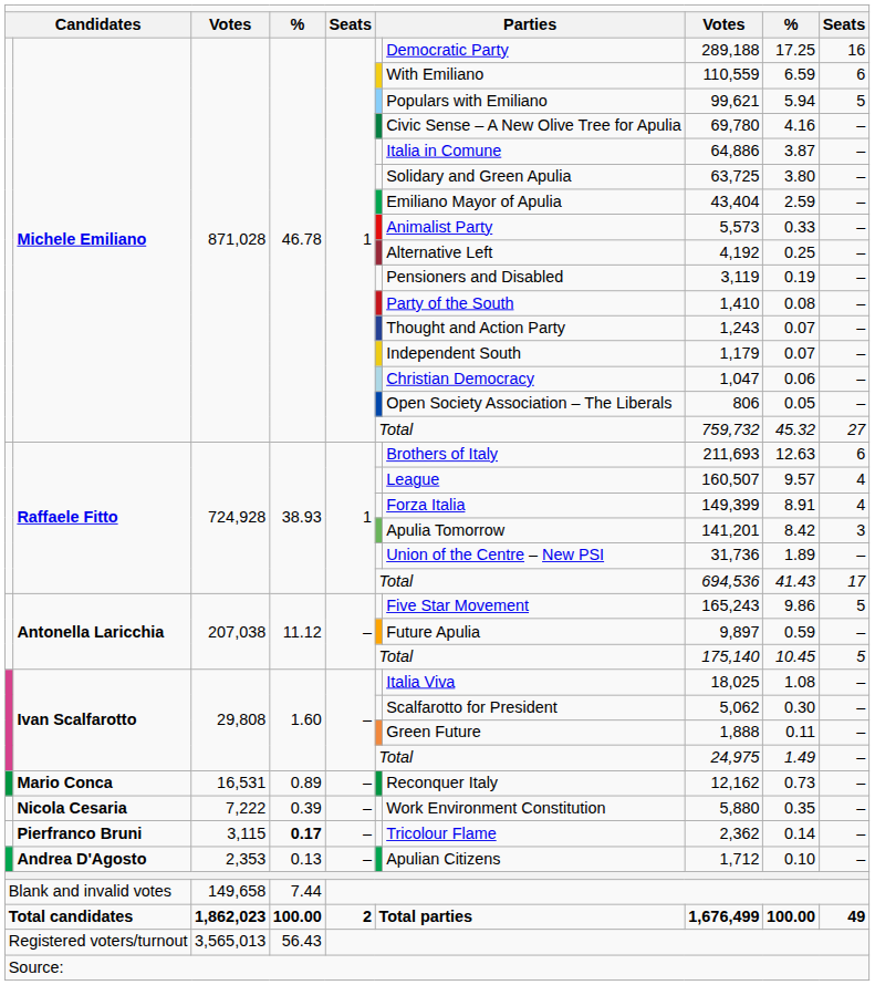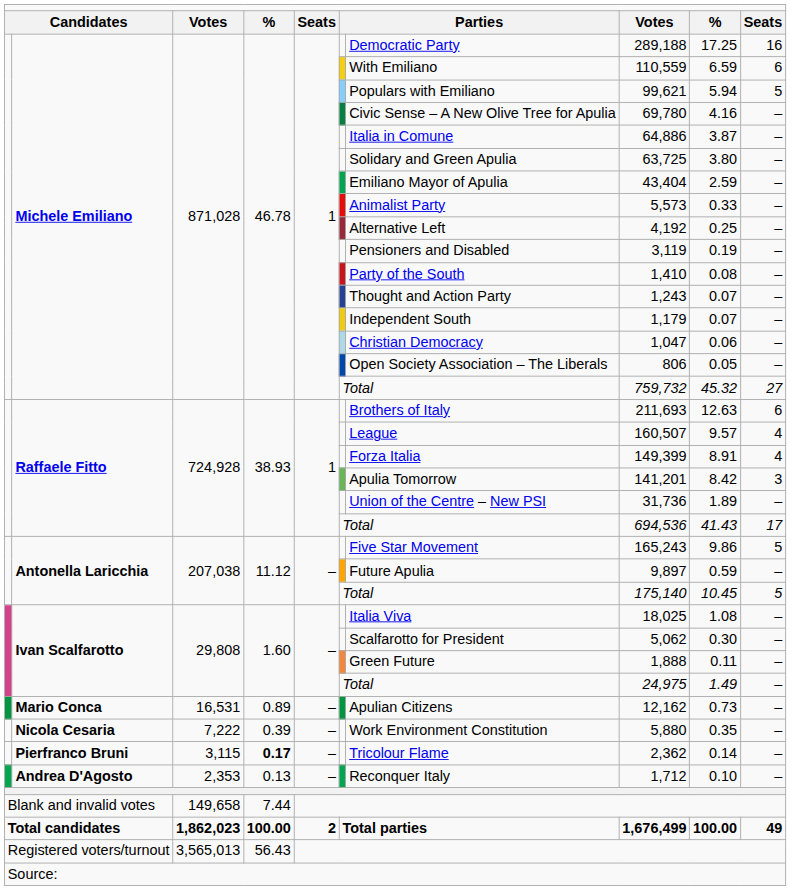 <table class="wikitable">
 <tr>
 <td colspan="10" style="text-align:center;"></td>
 </tr>
 <tr>
 <th colspan="2">Candidates</th>
 <th>Votes</th>
 <th>%</th>
 <th>Seats</th>
 <th colspan="2">Parties</th>
 <th>Votes</th>
 <th>%</th>
 <th>Seats</th>
 </tr>
 <tr>
 <td rowspan="16"></td>
 <td rowspan="16"><strong><a href='#'>Michele Emiliano</a></strong></td>
 <td rowspan="16" align=right>871,028</td>
 <td rowspan="16" align=right>46.78</td>
 <td rowspan="16" align=right>1</td>
 <td></td>
 <td><a href='#'>Democratic Party</a></td>
 <td align=right>289,188</td>
 <td align=right>17.25</td>
 <td align=right>16</td>
 </tr>
 <tr>
 <td bgcolor="#F4CE13"></td>
 <td>With Emiliano</td>
 <td align=right>110,559</td>
 <td align=right>6.59</td>
 <td align=right>6</td>
 </tr>
 <tr>
 <td bgcolor="#87CEFA"></td>
 <td style="text-align:left;">Populars with Emiliano</td>
 <td align=right>99,621</td>
 <td align=right>5.94</td>
 <td align=right>5</td>
 </tr>
 <tr>
 <td style="background:#057f42;"></td>
 <td style="text-align:left;">Civic Sense – A New Olive Tree for Apulia</td>
 <td align=right>69,780</td>
 <td align=right>4.16</td>
 <td align=right>–</td>
 </tr>
 <tr>
 <td></td>
 <td><a href='#'>Italia in Comune</a></td>
 <td align=right>64,886</td>
 <td align=right>3.87</td>
 <td align=right>–</td>
 </tr>
 <tr>
 <td></td>
 <td style="text-align:left;">Solidary and Green Apulia</td>
 <td align=right>63,725</td>
 <td align=right>3.80</td>
 <td align=right>–</td>
 </tr>
 <tr>
 <td bgcolor="#00A64F"></td>
 <td>Emiliano Mayor of Apulia</td>
 <td align=right>43,404</td>
 <td align=right>2.59</td>
 <td align=right>–</td>
 </tr>
 <tr>
 <td bgcolor="#E60C0C"></td>
 <td><a href='#'>Animalist Party</a></td>
 <td align=right>5,573</td>
 <td align=right>0.33</td>
 <td align=right>–</td>
 </tr>
 <tr>
 <td bgcolor="#982839"></td>
 <td>Alternative Left</td>
 <td align=right>4,192</td>
 <td align=right>0.25</td>
 <td align=right>–</td>
 </tr>
 <tr>
 <td></td>
 <td>Pensioners and Disabled</td>
 <td align=right>3,119</td>
 <td align=right>0.19</td>
 <td align=right>–</td>
 </tr>
 <tr>
 <td bgcolor="#C6151D"></td>
 <td><a href='#'>Party of the South</a></td>
 <td align=right>1,410</td>
 <td align=right>0.08</td>
 <td align=right>–</td>
 </tr>
 <tr>
 <td bgcolor="#254194"></td>
 <td>Thought and Action Party</td>
 <td align=right>1,243</td>
 <td align=right>0.07</td>
 <td align=right>–</td>
 </tr>
 <tr>
 <td bgcolor="#EECC13"></td>
 <td>Independent South</td>
 <td align=right>1,179</td>
 <td align=right>0.07</td>
 <td align=right>–</td>
 </tr>
 <tr>
 <td bgcolor="lightblue"></td>
 <td><a href='#'>Christian Democracy</a></td>
 <td align=right>1,047</td>
 <td align=right>0.06</td>
 <td align=right>–</td>
 </tr>
 <tr>
 <td bgcolor="#0047AB"></td>
 <td>Open Society Association – The Liberals</td>
 <td align=right>806</td>
 <td align=right>0.05</td>
 <td align=right>–</td>
 </tr>
 <tr>
 <td colspan=2><em>Total</em></td>
 <td align=right><em>759,732</em></td>
 <td align=right><em>45.32</em></td>
 <td align=right><em>27</em></td>
 </tr>
 <tr>
 <td rowspan="6"></td>
 <td rowspan="6"><strong><a href='#'>Raffaele Fitto</a></strong></td>
 <td rowspan="6" align="right">724,928</td>
 <td rowspan="6" align="right">38.93</td>
 <td rowspan="6" align="right">1</td>
 <td></td>
 <td><a href='#'>Brothers of Italy</a></td>
 <td align="right">211,693</td>
 <td align="right">12.63</td>
 <td align="right">6</td>
 </tr>
 <tr>
 <td></td>
 <td><a href='#'>League</a></td>
 <td align="right">160,507</td>
 <td align="right">9.57</td>
 <td align="right">4</td>
 </tr>
 <tr>
 <td></td>
 <td><a href='#'>Forza Italia</a></td>
 <td align="right">149,399</td>
 <td align="right">8.91</td>
 <td align="right">4</td>
 </tr>
 <tr>
 <td bgcolor="#6AB55A"></td>
 <td>Apulia Tomorrow</td>
 <td align="right">141,201</td>
 <td align="right">8.42</td>
 <td align="right">3</td>
 </tr>
 <tr>
 <td></td>
 <td><a href='#'>Union of the Centre</a> – <a href='#'>New PSI</a></td>
 <td align="right">31,736</td>
 <td align="right">1.89</td>
 <td align="right">–</td>
 </tr>
 <tr>
 <td colspan="2"><em>Total</em></td>
 <td align="right"><em>694,536</em></td>
 <td align="right"><em>41.43</em></td>
 <td align="right"><em>17</em></td>
 </tr>
 <tr>
 <td rowspan="3"></td>
 <td rowspan="3"><strong>Antonella Laricchia</strong></td>
 <td rowspan="3" align="right">207,038</td>
 <td rowspan="3" align="right">11.12</td>
 <td rowspan="3" align="right">–</td>
 <td></td>
 <td><a href='#'>Five Star Movement</a></td>
 <td align="right">165,243</td>
 <td align="right">9.86</td>
 <td align="right">5</td>
 </tr>
 <tr>
 <td bgcolor="#FFA500"></td>
 <td>Future Apulia</td>
 <td align="right">9,897</td>
 <td align="right">0.59</td>
 <td align="right">–</td>
 </tr>
 <tr>
 <td colspan="2"><em>Total</em></td>
 <td align="right"><em>175,140</em></td>
 <td align="right"><em>10.45</em></td>
 <td align="right"><em>5</em></td>
 </tr>
 <tr>
 <td rowspan="4" bgcolor="#D6418C"></td>
 <td rowspan="4"><strong>Ivan Scalfarotto</strong></td>
 <td rowspan="4" align="right">29,808</td>
 <td rowspan="4" align="right">1.60</td>
 <td rowspan="4" align="right">–</td>
 <td></td>
 <td><a href='#'>Italia Viva</a></td>
 <td align="right">18,025</td>
 <td align="right">1.08</td>
 <td align="right">–</td>
 </tr>
 <tr>
 <td></td>
 <td>Scalfarotto for President</td>
 <td align="right">5,062</td>
 <td align="right">0.30</td>
 <td align="right">–</td>
 </tr>
 <tr>
 <td bgcolor="#F2883C"></td>
 <td>Green Future</td>
 <td align="right">1,888</td>
 <td align="right">0.11</td>
 <td align="right">–</td>
 </tr>
 <tr>
 <td colspan="2"><em>Total</em></td>
 <td align="right"><em>24,975</em></td>
 <td align="right"><em>1.49</em></td>
 <td align="right"><em>–</em></td>
 </tr>
 <tr>
 <td rowspan="1" bgcolor="#009541"></td>
 <td rowspan="1"><strong>Mario Conca</strong></td>
 <td rowspan="1" align="right">16,531</td>
 <td rowspan="1" align="right">0.89</td>
 <td rowspan="1" align="right">–</td>
 <td bgcolor="#009541"></td>
-<td>Reconquer Italy</td>
+<td>Apulian Citizens</td>
 <td align="right">12,162</td>
 <td align="right">0.73</td>
 <td align="right">–</td>
 </tr>
 <tr>
 <td rowspan="1"></td>
 <td rowspan="1"><strong>Nicola Cesaria</strong></td>
 <td rowspan="1" align="right">7,222</td>
 <td rowspan="1" align="right">0.39</td>
 <td rowspan="1" align="right">–</td>
 <td></td>
 <td>Work Environment Constitution</td>
 <td align="right">5,880</td>
 <td align="right">0.35</td>
 <td align="right">–</td>
 </tr>
 <tr>
 <td rowspan="1"></td>
 <td rowspan="1"><strong>Pierfranco Bruni</strong></td>
 <td rowspan="1" align="right">3,115</td>
 <td rowspan="1" align="right"><strong>0.17</strong></td>
 <td rowspan="1" align="right">–</td>
 <td></td>
 <td><a href='#'>Tricolour Flame</a></td>
 <td align="right">2,362</td>
 <td align="right">0.14</td>
 <td align="right">–</td>
 </tr>
 <tr>
 <td rowspan="1" bgcolor="#00A650"></td>
 <td rowspan="1"><strong>Andrea D'Agosto</strong></td>
 <td rowspan="1" align="right">2,353</td>
 <td rowspan="1" align="right">0.13</td>
 <td rowspan="1" align="right">–</td>
 <td bgcolor="#00A650"></td>
-<td>Apulian Citizens</td>
+<td>Reconquer Italy</td>
 <td align="right">1,712</td>
 <td align="right">0.10</td>
 <td align="right">–</td>
 </tr>
 <tr>
 <th colspan="10"></th>
 </tr>
 <tr>
 <td colspan="2">Blank and invalid votes</td>
 <td align="right">149,658</td>
 <td align="right">7.44</td>
 <td colspan="7"></td>
 </tr>
 <tr>
 <td colspan="2"><strong>Total candidates</strong></td>
 <td align="right"><strong>1,862,023</strong></td>
 <td align="right"><strong>100.00</strong></td>
 <td align="right"><strong>2</strong></td>
 <td colspan="2"><strong>Total parties</strong></td>
 <td align="right"><strong>1,676,499</strong></td>
 <td align="right"><strong>100.00</strong></td>
 <td align="right"><strong>49</strong></td>
 </tr>
 <tr>
 <td colspan="2">Registered voters/turnout</td>
 <td align="right">3,565,013</td>
 <td align="right">56.43</td>
 <td colspan="7"></td>
 </tr>
 <tr>
 <td colspan="10">Source:  </td>
 </tr>
 </table>
